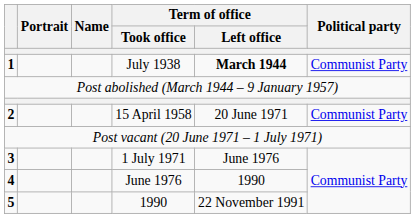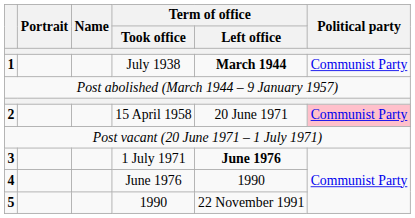 <table class="wikitable" style="text-align:center">
 <tr>
 <th rowspan=2></th>
 <th rowspan=2>Portrait</th>
 <th rowspan=2>Name<br></th>
 <th colspan=2>Term of office</th>
 <th rowspan=2>Political party</th>
 </tr>
 <tr>
 <th>Took office</th>
 <th>Left office</th>
 </tr>
 <tr>
 <th colspan="6"></th>
 </tr>
 <tr>
 <td style="background: "><strong>1</strong></td>
 <td></td>
 <td><br></td>
 <td>July 1938</td>
 <td><strong>March 1944</strong></td>
 <td><a href='#'>Communist Party</a></td>
 </tr>
 <tr>
 <td colspan="6"><em>Post abolished (March 1944 – 9 January 1957)</em></td>
 </tr>
 <tr>
 <th colspan="6"></th>
 </tr>
 <tr>
 <td style="background: "><strong>2</strong></td>
 <td></td>
 <td><br></td>
 <td>15 April 1958</td>
 <td>20 June 1971</td>
-<td><a href='#'>Communist Party</a></td>
+<td style="background: pink;"><a href='#'>Communist Party</a></td>
 </tr>
 <tr>
 <td colspan="6"><em>Post vacant (20 June 1971 – 1 July 1971)</em></td>
 </tr>
 <tr>
 <td style="background: "><strong>3</strong></td>
 <td></td>
 <td><br></td>
 <td>1 July 1971</td>
-<td>June 1976</td>
+<td><strong>June 1976</strong></td>
 <td rowspan="3"><a href='#'>Communist Party</a></td>
 </tr>
 <tr>
 <td style="background: "><strong>4</strong></td>
 <td></td>
 <td><br></td>
 <td>June 1976</td>
 <td>1990</td>
 </tr>
 <tr>
 <td style="background: "><strong>5</strong></td>
 <td></td>
 <td><br></td>
 <td>1990</td>
 <td>22 November 1991</td>
 </tr>
 </table>
